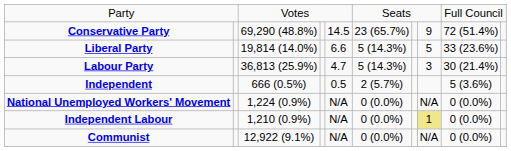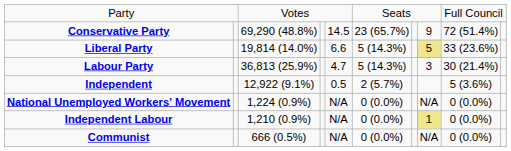 <table class=wikitable style="text-align:center;">
 <tr>
 <td colspan=2>Party</td>
 <td colspan=3>Votes</td>
 <td colspan=3>Seats</td>
 <td colspan=3>Full Council</td>
 </tr>
 <tr>
 <td><strong><a href='#'>Conservative Party</a></strong></td>
 <td style="background:"></td>
 <td>69,290 (48.8%)</td>
 <td></td>
 <td> 14.5</td>
 <td>23 (65.7%)</td>
 <td></td>
 <td> 9</td>
 <td>72 (51.4%)</td>
 <td></td>
 </tr>
 <tr>
 <td><strong><a href='#'>Liberal Party</a></strong></td>
 <td style="background:"></td>
 <td>19,814 (14.0%)</td>
 <td></td>
 <td> 6.6</td>
 <td>5 (14.3%)</td>
 <td></td>
-<td> 5</td>
+<td style="background: khaki;"> 5</td>
 <td>33 (23.6%)</td>
 <td></td>
 </tr>
 <tr>
 <td><strong><a href='#'>Labour Party</a></strong></td>
 <td style="background:"></td>
 <td>36,813 (25.9%)</td>
 <td></td>
 <td> 4.7</td>
 <td>5 (14.3%)</td>
 <td></td>
 <td> 3</td>
 <td>30 (21.4%)</td>
 <td></td>
 </tr>
 <tr>
 <td><strong><a href='#'>Independent</a></strong></td>
 <td style="background:"></td>
-<td>666 (0.5%)</td>
+<td>12,922 (9.1%)</td>
 <td></td>
 <td> 0.5</td>
 <td>2 (5.7%)</td>
 <td></td>
 <td></td>
 <td>5 (3.6%)</td>
 <td></td>
 </tr>
 <tr>
 <td><strong><a href='#'>National Unemployed Workers' Movement</a></strong></td>
 <td style="background:"></td>
 <td>1,224 (0.9%)</td>
 <td></td>
 <td>N/A</td>
 <td>0 (0.0%)</td>
 <td></td>
 <td>N/A</td>
 <td>0 (0.0%)</td>
 <td></td>
 </tr>
 <tr>
 <td><strong><a href='#'>Independent Labour</a></strong></td>
 <td style="background:"></td>
 <td>1,210 (0.9%)</td>
 <td></td>
 <td>N/A</td>
 <td>0 (0.0%)</td>
 <td></td>
 <td style="background: khaki;"> 1</td>
 <td>0 (0.0%)</td>
 <td></td>
 </tr>
 <tr>
 <td><strong><a href='#'>Communist</a></strong></td>
 <td style="background:"></td>
-<td>12,922 (9.1%)</td>
+<td>666 (0.5%)</td>
 <td></td>
 <td>N/A</td>
 <td>0 (0.0%)</td>
 <td></td>
 <td>N/A</td>
 <td>0 (0.0%)</td>
 <td></td>
 </tr>
 </table>
